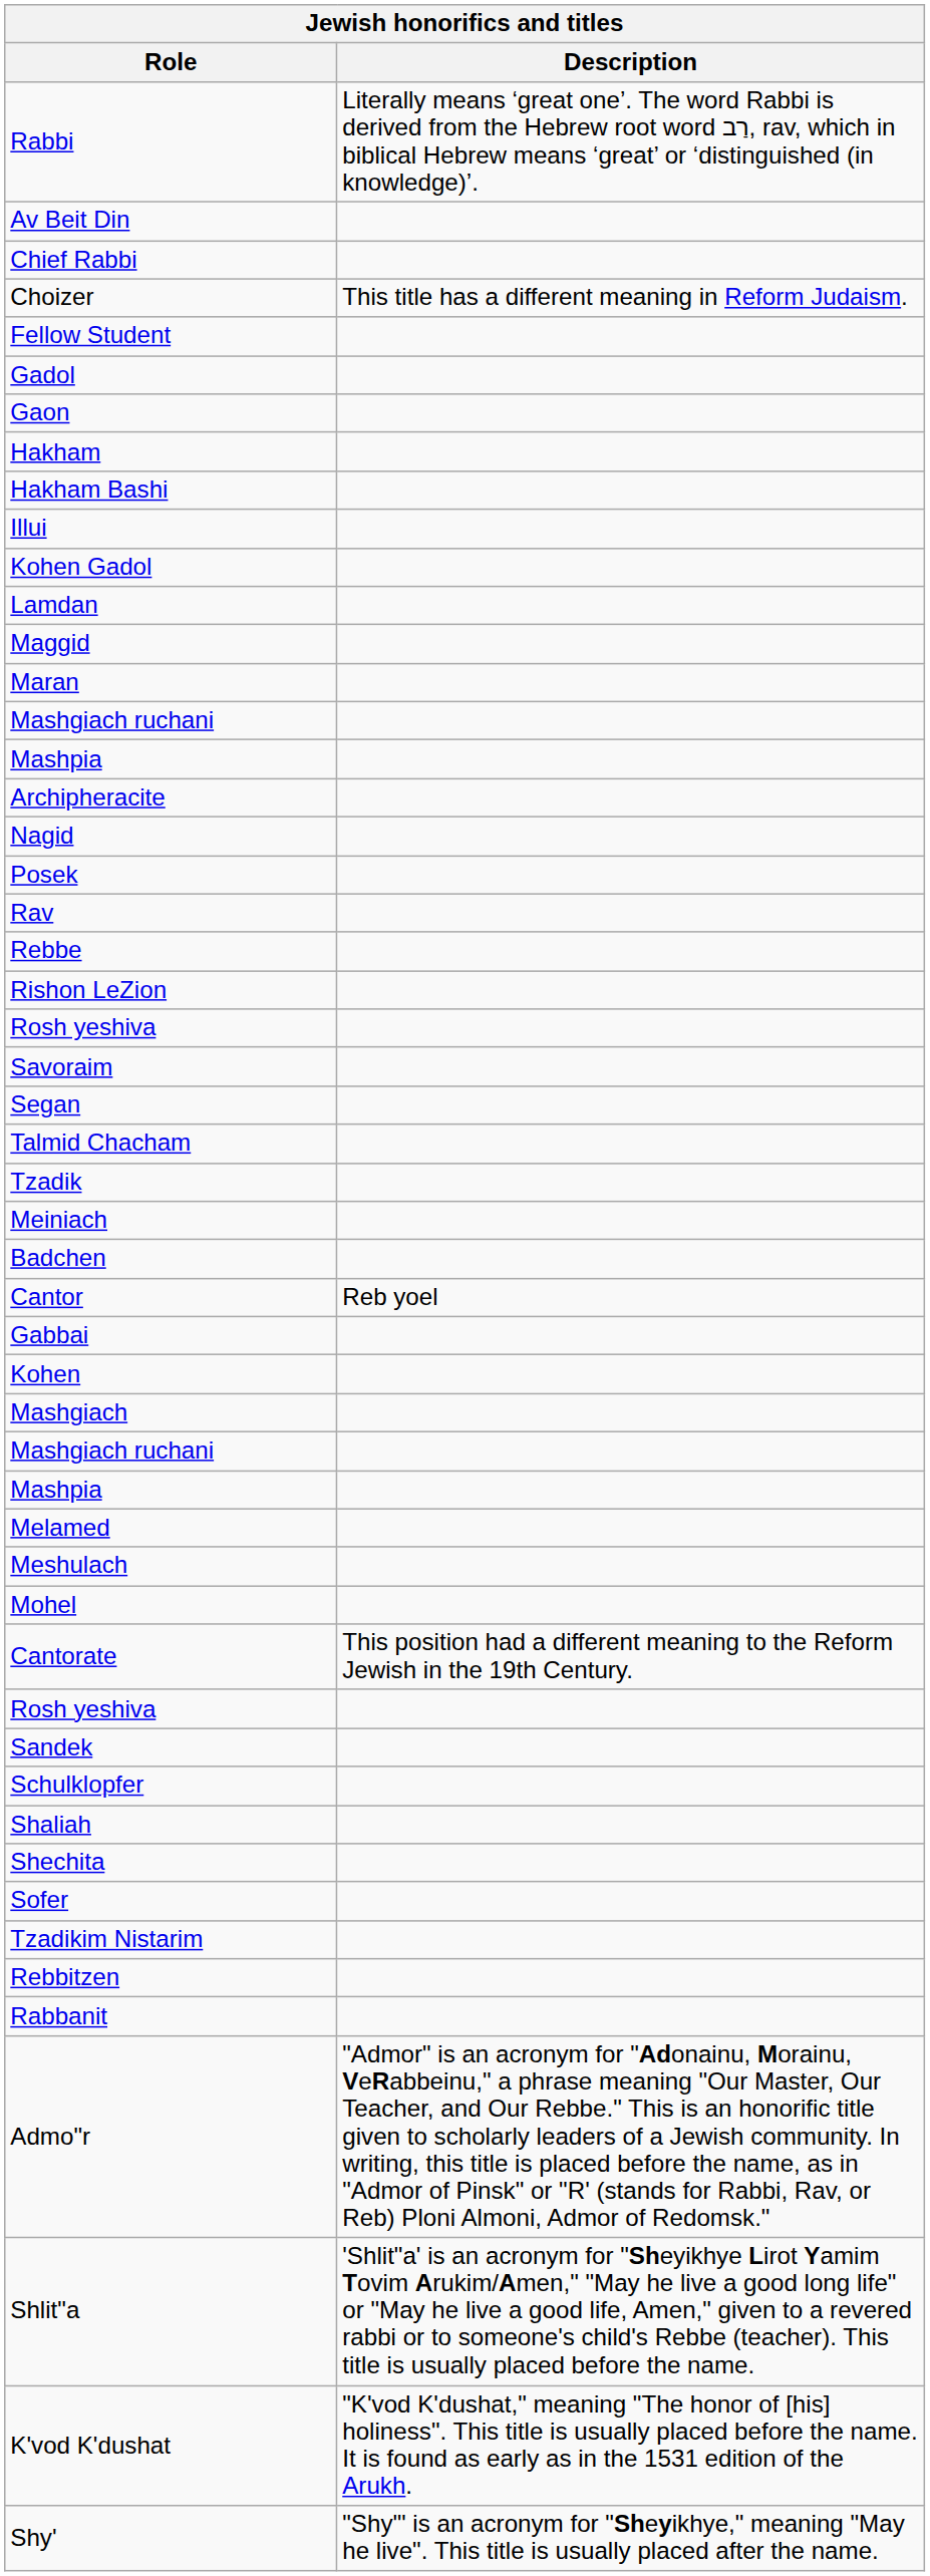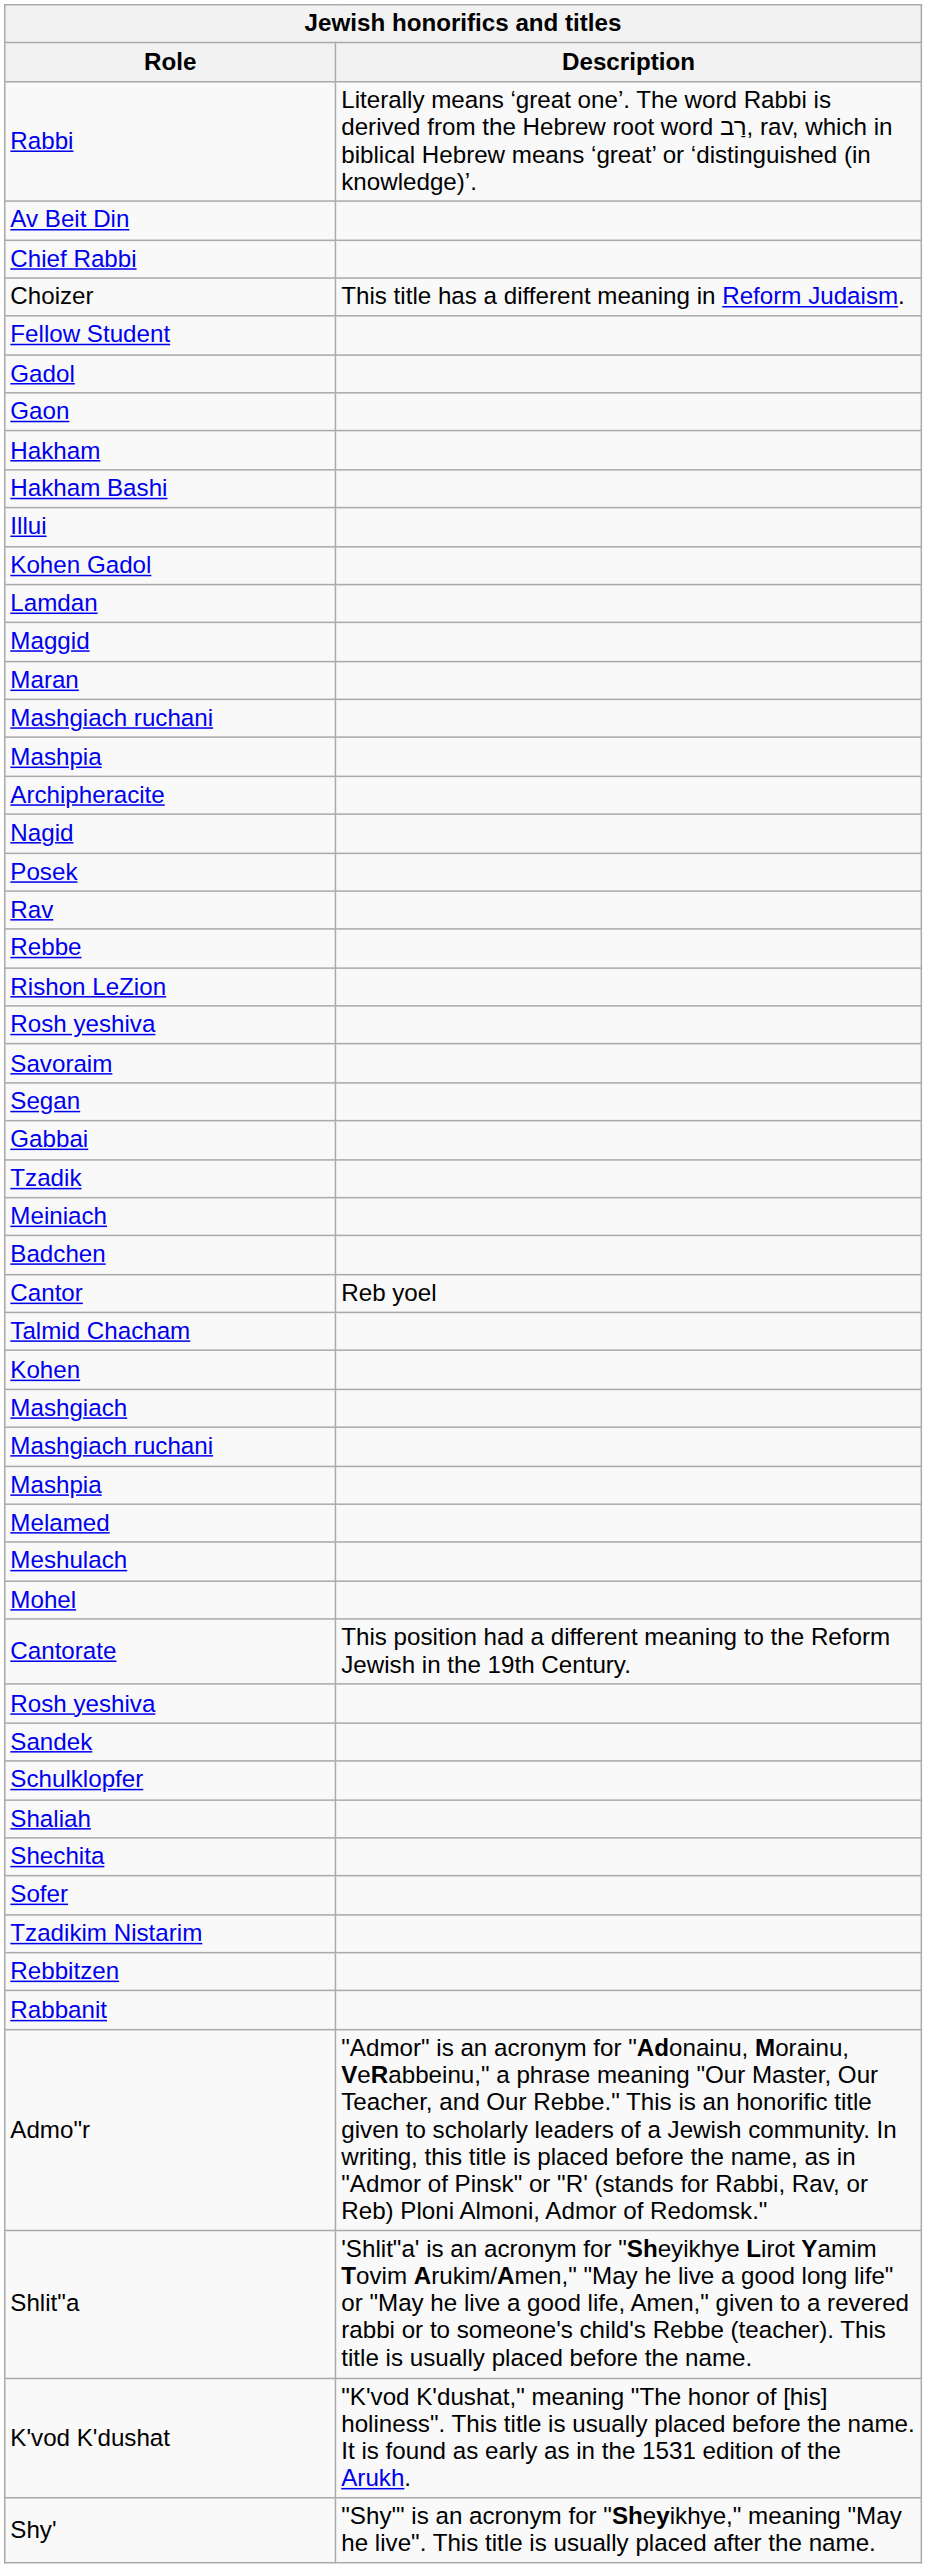 <table class="wikitable">
 <tr>
 <th style="text-align:center;" colspan="2"><strong>Jewish honorifics and titles</strong></th>
 </tr>
 <tr>
 <th scope="col" style="width:300px;">Role</th>
 <th scope="col" style="width:600px;">Description</th>
 </tr>
 <tr>
 <td><a href='#'>Rabbi</a></td>
 <td>Literally means ‘great one’. The word Rabbi is derived from the Hebrew root word רַב, rav, which in biblical Hebrew means ‘great’ or ‘distinguished (in knowledge)’.</td>
 </tr>
 <tr>
 <td><a href='#'>Av Beit Din</a></td>
 <td></td>
 </tr>
 <tr>
 <td><a href='#'>Chief Rabbi</a></td>
 <td></td>
 </tr>
 <tr>
 <td>Choizer</td>
 <td>This title has a different meaning in <a href='#'>Reform Judaism</a>.</td>
 </tr>
 <tr>
 <td><a href='#'>Fellow Student</a></td>
 <td></td>
 </tr>
 <tr>
 <td><a href='#'>Gadol</a></td>
 <td></td>
 </tr>
 <tr>
 <td><a href='#'>Gaon</a></td>
 <td></td>
 </tr>
 <tr>
 <td><a href='#'>Hakham</a></td>
 <td></td>
 </tr>
 <tr>
 <td><a href='#'>Hakham Bashi</a></td>
 <td></td>
 </tr>
 <tr>
 <td><a href='#'>Illui</a></td>
 <td></td>
 </tr>
 <tr>
 <td><a href='#'>Kohen Gadol</a></td>
 <td></td>
 </tr>
 <tr>
 <td><a href='#'>Lamdan</a></td>
 <td></td>
 </tr>
 <tr>
 <td><a href='#'>Maggid</a></td>
 <td></td>
 </tr>
 <tr>
 <td><a href='#'>Maran</a></td>
 <td></td>
 </tr>
 <tr>
 <td><a href='#'>Mashgiach ruchani</a></td>
 <td></td>
 </tr>
 <tr>
 <td><a href='#'>Mashpia</a></td>
 <td></td>
 </tr>
 <tr>
 <td><a href='#'>Archipheracite</a></td>
 <td></td>
 </tr>
 <tr>
 <td><a href='#'>Nagid</a></td>
 <td></td>
 </tr>
 <tr>
 <td><a href='#'>Posek</a></td>
 <td></td>
 </tr>
 <tr>
 <td><a href='#'>Rav</a></td>
 <td></td>
 </tr>
 <tr>
 <td><a href='#'>Rebbe</a></td>
 <td></td>
 </tr>
 <tr>
 <td><a href='#'>Rishon LeZion</a></td>
 <td></td>
 </tr>
 <tr>
 <td><a href='#'>Rosh yeshiva</a></td>
 <td></td>
 </tr>
 <tr>
 <td><a href='#'>Savoraim</a></td>
 <td></td>
 </tr>
 <tr>
 <td><a href='#'>Segan</a></td>
 <td></td>
 </tr>
 <tr>
-<td><a href='#'>Talmid Chacham</a></td>
+<td><a href='#'>Gabbai</a></td>
 <td></td>
 </tr>
 <tr>
 <td><a href='#'>Tzadik</a></td>
 <td></td>
 </tr>
 <tr>
 <td><a href='#'>Meiniach</a></td>
 <td></td>
 </tr>
 <tr>
 <td><a href='#'>Badchen</a></td>
 <td></td>
 </tr>
 <tr>
 <td><a href='#'>Cantor</a></td>
 <td>Reb yoel</td>
 </tr>
 <tr>
-<td><a href='#'>Gabbai</a></td>
+<td><a href='#'>Talmid Chacham</a></td>
 <td></td>
 </tr>
 <tr>
 <td><a href='#'>Kohen</a></td>
 <td></td>
 </tr>
 <tr>
 <td><a href='#'>Mashgiach</a></td>
 <td></td>
 </tr>
 <tr>
 <td><a href='#'>Mashgiach ruchani</a></td>
 <td></td>
 </tr>
 <tr>
 <td><a href='#'>Mashpia</a></td>
 <td></td>
 </tr>
 <tr>
 <td><a href='#'>Melamed</a></td>
 <td></td>
 </tr>
 <tr>
 <td><a href='#'>Meshulach</a></td>
 <td></td>
 </tr>
 <tr>
 <td><a href='#'>Mohel</a></td>
 <td></td>
 </tr>
 <tr>
 <td><a href='#'>Cantorate</a></td>
 <td>This position had a different meaning to the Reform Jewish in the 19th Century.</td>
 </tr>
 <tr>
 <td><a href='#'>Rosh yeshiva</a></td>
 <td></td>
 </tr>
 <tr>
 <td><a href='#'>Sandek</a></td>
 <td></td>
 </tr>
 <tr>
 <td><a href='#'>Schulklopfer</a></td>
 <td></td>
 </tr>
 <tr>
 <td><a href='#'>Shaliah</a></td>
 <td></td>
 </tr>
 <tr>
 <td><a href='#'>Shechita</a></td>
 <td></td>
 </tr>
 <tr>
 <td><a href='#'>Sofer</a></td>
 <td></td>
 </tr>
 <tr>
 <td><a href='#'>Tzadikim Nistarim</a></td>
 <td></td>
 </tr>
 <tr>
 <td><a href='#'>Rebbitzen</a></td>
 <td></td>
 </tr>
 <tr>
 <td><a href='#'>Rabbanit</a></td>
 <td></td>
 </tr>
 <tr>
 <td>Admo"r</td>
 <td>"Admor" is an acronym for "<strong>Ad</strong>onainu, <strong>M</strong>orainu, <strong>V</strong>e<strong>R</strong>abbeinu," a phrase meaning "Our Master, Our Teacher, and Our Rebbe." This is an honorific title given to scholarly leaders of a Jewish community. In writing, this title is placed before the name, as in "Admor of Pinsk" or "R' (stands for Rabbi, Rav, or Reb) Ploni Almoni, Admor of Redomsk."</td>
 </tr>
 <tr>
 <td>Shlit"a</td>
 <td>'Shlit"a' is an acronym for "<strong>Sh</strong>eyikhye <strong>L</strong>irot <strong>Y</strong>amim <strong>T</strong>ovim <strong>A</strong>rukim/<strong>A</strong>men," "May he live a good long life" or "May he live a good life, Amen," given to a revered rabbi or to someone's child's Rebbe (teacher). This title is usually placed before the name.</td>
 </tr>
 <tr>
 <td>K'vod K'dushat</td>
 <td>"K'vod K'dushat," meaning "The honor of [his] holiness". This title is usually placed before the name. It is found as early as in the 1531 edition of the <a href='#'>Arukh</a>.</td>
 </tr>
 <tr>
 <td>Shy'</td>
 <td>"Shy'" is an acronym for "<strong>Sh</strong>e<strong>y</strong>ikhye," meaning "May he live". This title is usually placed after the name.</td>
 </tr>
 </table>
